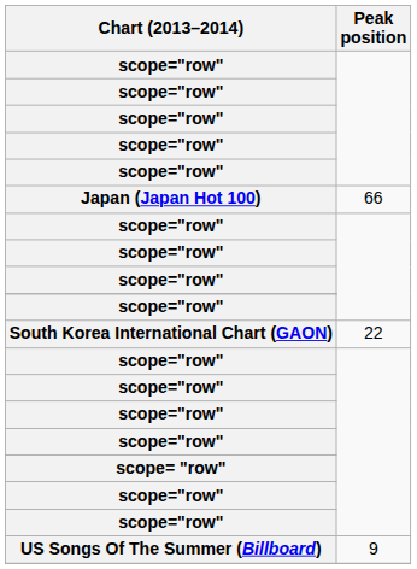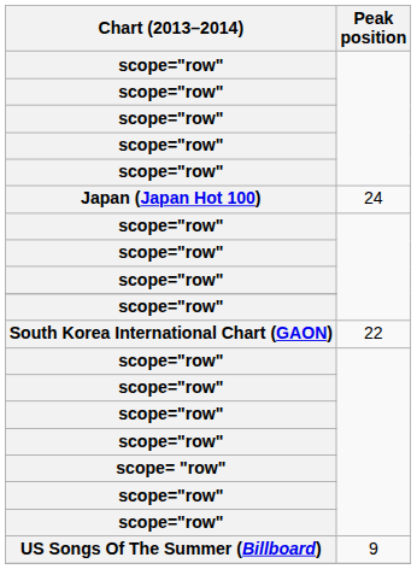 <table class="wikitable sortable plainrowheaders" style="text-align:center;">
 <tr>
 <th scope="col">Chart (2013–2014)</th>
 <th scope="col">Peak<br>position</th>
 </tr>
 <tr>
 <th>scope="row" </th>
 </tr>
 <tr>
 <th>scope="row" </th>
 </tr>
 <tr>
 <th>scope="row" </th>
 </tr>
 <tr>
 <th>scope="row" </th>
 </tr>
 <tr>
 <th>scope="row" </th>
 </tr>
 <tr>
 <th scope="row">Japan (<a href='#'>Japan Hot 100</a>)</th>
-<td>66</td>
+<td>24</td>
 </tr>
 <tr>
 <th>scope="row" </th>
 </tr>
 <tr>
 <th>scope="row" </th>
 </tr>
 <tr>
 <th>scope="row" </th>
 </tr>
 <tr>
 </tr>
 <tr>
 <th>scope="row" </th>
 </tr>
 <tr>
 <th scope="row">South Korea International Chart (<a href='#'>GAON</a>)</th>
 <td style="text-align:center;">22</td>
 </tr>
 <tr>
 <th>scope="row" </th>
 </tr>
 <tr>
 <th>scope="row" </th>
 </tr>
 <tr>
 <th>scope="row" </th>
 </tr>
 <tr>
 <th>scope="row" </th>
 </tr>
 <tr>
 <th>scope= "row" </th>
 </tr>
 <tr>
 <th>scope="row" </th>
 </tr>
 <tr>
 <th>scope="row" </th>
 </tr>
 <tr>
 <th scope="row">US Songs Of The Summer (<em><a href='#'>Billboard</a></em>)</th>
 <td>9</td>
 </tr>
 <tr>
 </tr>
 </table>
